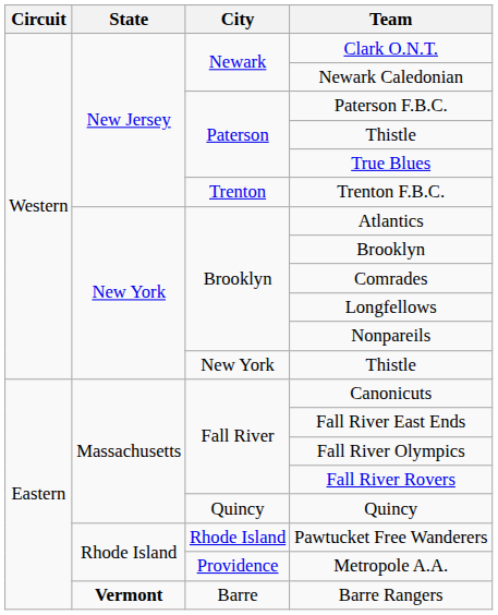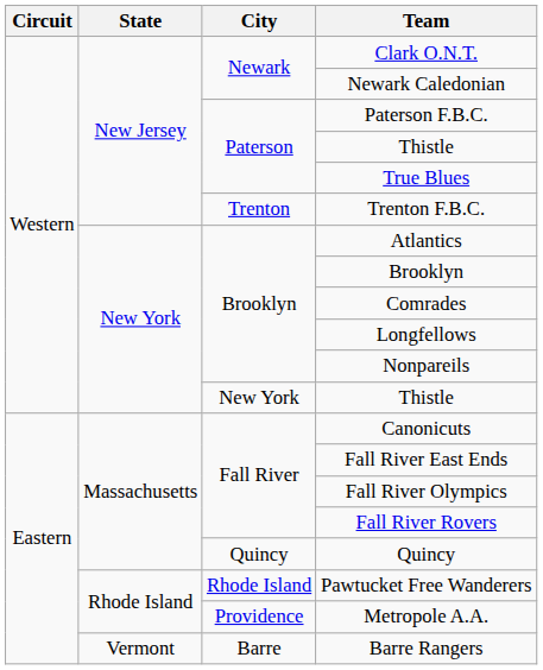 <table class= "wikitable sortable" style="text-align:center">
 <tr>
 <th>Circuit</th>
 <th>State</th>
 <th>City</th>
 <th>Team</th>
 </tr>
 <tr>
 <td rowspan=12>Western</td>
 <td rowspan=6><a href='#'>New Jersey</a></td>
 <td rowspan=2><a href='#'>Newark</a></td>
 <td><a href='#'>Clark O.N.T.</a></td>
 </tr>
 <tr>
 <td>Newark Caledonian</td>
 </tr>
 <tr>
 <td rowspan=3><a href='#'>Paterson</a></td>
 <td>Paterson F.B.C.</td>
 </tr>
 <tr>
 <td>Thistle</td>
 </tr>
 <tr>
 <td><a href='#'>True Blues</a></td>
 </tr>
 <tr>
 <td><a href='#'>Trenton</a></td>
 <td>Trenton F.B.C.</td>
 </tr>
 <tr>
 <td rowspan=6><a href='#'>New York</a></td>
 <td rowspan=5>Brooklyn</td>
 <td>Atlantics</td>
 </tr>
 <tr>
 <td>Brooklyn</td>
 </tr>
 <tr>
 <td>Comrades</td>
 </tr>
 <tr>
 <td>Longfellows</td>
 </tr>
 <tr>
 <td>Nonpareils</td>
 </tr>
 <tr>
 <td>New York</td>
 <td>Thistle</td>
 </tr>
 <tr>
 <td rowspan=8>Eastern</td>
 <td rowspan=5>Massachusetts</td>
 <td rowspan=4>Fall River</td>
 <td>Canonicuts</td>
 </tr>
 <tr>
 <td>Fall River East Ends</td>
 </tr>
 <tr>
 <td>Fall River Olympics</td>
 </tr>
 <tr>
 <td><a href='#'>Fall River Rovers</a></td>
 </tr>
 <tr>
 <td>Quincy</td>
 <td>Quincy</td>
 </tr>
 <tr>
 <td rowspan=2>Rhode Island</td>
 <td><a href='#'>Rhode Island</a></td>
 <td>Pawtucket Free Wanderers</td>
 </tr>
 <tr>
 <td><a href='#'>Providence</a></td>
 <td>Metropole A.A.</td>
 </tr>
 <tr>
-<td><strong>Vermont</strong></td>
+<td>Vermont</td>
 <td>Barre</td>
 <td>Barre Rangers</td>
 </tr>
 </table>
